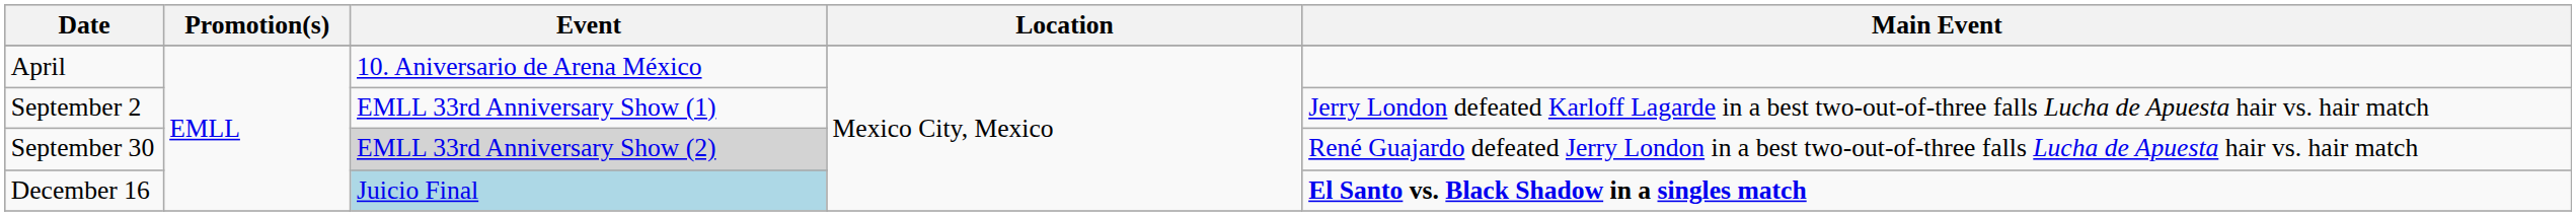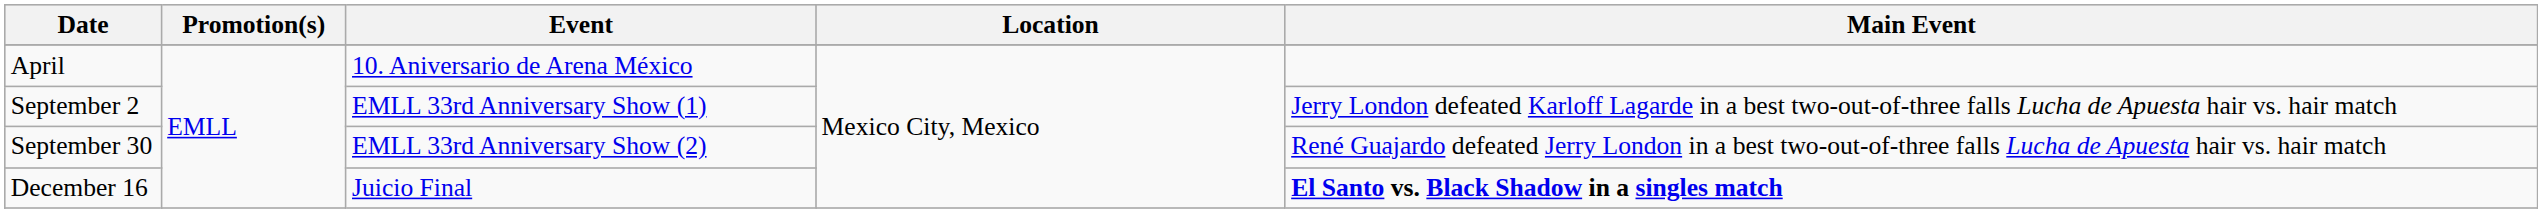 <table class="wikitable" style="width:100%;">
 <tr>
 <th width=5%>Date</th>
 <th width=5%>Promotion(s)</th>
 <th style="width:15%;">Event</th>
 <th style="width:15%;">Location</th>
 <th style="width:40%;">Main Event</th>
 </tr>
 <tr style="width:20%;"| Notes>
 </tr>
 <tr>
 <td>April</td>
 <td rowspan=4><a href='#'>EMLL</a></td>
 <td><a href='#'>10. Aniversario de Arena México</a></td>
 <td rowspan=4>Mexico City, Mexico</td>
 <td> </td>
 </tr>
 <tr>
 <td>September 2</td>
 <td><a href='#'>EMLL 33rd Anniversary Show (1)</a></td>
 <td><a href='#'>Jerry London</a> defeated <a href='#'>Karloff Lagarde</a> in a best two-out-of-three falls <em>Lucha de Apuesta</em> hair vs. hair match</td>
 </tr>
 <tr>
 <td>September 30</td>
-<td style="background: lightgrey;"><a href='#'>EMLL 33rd Anniversary Show (2)</a></td>
+<td><a href='#'>EMLL 33rd Anniversary Show (2)</a></td>
 <td><a href='#'>René Guajardo</a> defeated <a href='#'>Jerry London</a> in a best two-out-of-three falls <em><a href='#'>Lucha de Apuesta</a></em> hair vs. hair match</td>
 </tr>
 <tr>
 <td>December 16</td>
-<td style="background: lightblue;"><a href='#'>Juicio Final</a></td>
+<td><a href='#'>Juicio Final</a></td>
 <td><strong><a href='#'>El Santo</a> vs. <a href='#'>Black Shadow</a> in a <a href='#'>singles match</a></strong></td>
 </tr>
 </table>
